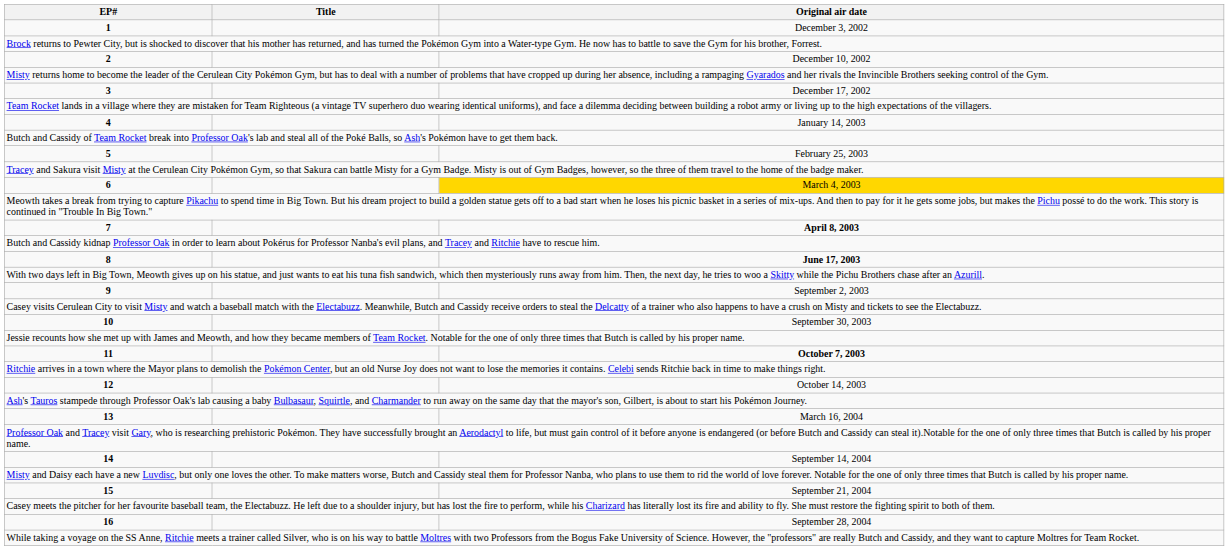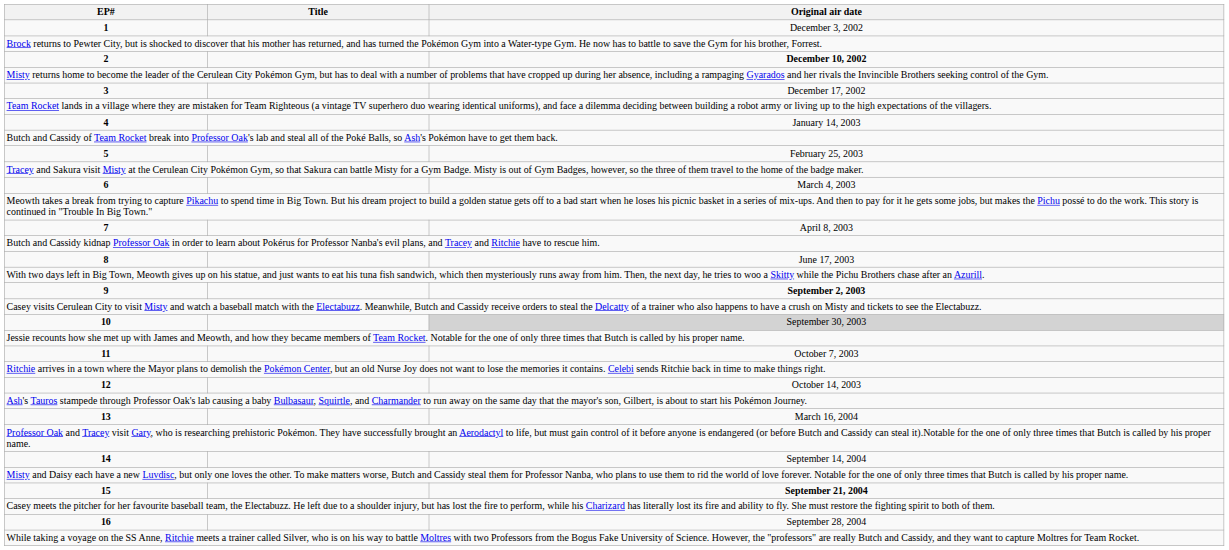 <table class="wikitable">
 <tr>
 <th>EP#</th>
 <th>Title</th>
 <th>Original air date</th>
 </tr>
 <tr>
 <td style="text-align:center;"><strong>1</strong></td>
 <td></td>
 <td style="text-align:center;">December 3, 2002</td>
 </tr>
 <tr>
 <td colspan="3"><a href='#'>Brock</a> returns to Pewter City, but is shocked to discover that his mother has returned, and has turned the Pokémon Gym into a Water-type Gym. He now has to battle to save the Gym for his brother, Forrest.</td>
 </tr>
 <tr>
 <td style="text-align:center;"><strong>2</strong></td>
 <td></td>
-<td style="text-align:center;">December 10, 2002</td>
+<td style="text-align:center;"><strong>December 10, 2002</strong></td>
 </tr>
 <tr>
 <td colspan="4"><a href='#'>Misty</a> returns home to become the leader of the Cerulean City Pokémon Gym, but has to deal with a number of problems that have cropped up during her absence, including a rampaging <a href='#'>Gyarados</a> and her rivals the Invincible Brothers seeking control of the Gym.</td>
 </tr>
 <tr>
 <td style="text-align:center;"><strong>3</strong></td>
 <td></td>
 <td style="text-align:center;">December 17, 2002</td>
 </tr>
 <tr>
 <td colspan="4"><a href='#'>Team Rocket</a> lands in a village where they are mistaken for Team Righteous (a vintage TV superhero duo wearing identical uniforms), and face a dilemma deciding between building a robot army or living up to the high expectations of the villagers.</td>
 </tr>
 <tr>
 <td style="text-align:center;"><strong>4</strong></td>
 <td></td>
 <td style="text-align:center;">January 14, 2003</td>
 </tr>
 <tr>
 <td colspan="4">Butch and Cassidy of <a href='#'>Team Rocket</a> break into <a href='#'>Professor Oak</a>'s lab and steal all of the Poké Balls, so <a href='#'>Ash</a>'s Pokémon have to get them back.</td>
 </tr>
 <tr>
 <td style="text-align:center;"><strong>5</strong></td>
 <td></td>
 <td style="text-align:center;">February 25, 2003</td>
 </tr>
 <tr>
 <td colspan="3"><a href='#'>Tracey</a> and Sakura visit <a href='#'>Misty</a> at the Cerulean City Pokémon Gym, so that Sakura can battle Misty for a Gym Badge. Misty is out of Gym Badges, however, so the three of them travel to the home of the badge maker.</td>
 </tr>
 <tr>
 <td style="text-align:center;"><strong>6</strong></td>
 <td></td>
-<td style="background: gold; text-align:center;">March 4, 2003</td>
+<td style="text-align:center;">March 4, 2003</td>
 </tr>
 <tr>
 <td colspan="3">Meowth takes a break from trying to capture <a href='#'>Pikachu</a> to spend time in Big Town. But his dream project to build a golden statue gets off to a bad start when he loses his picnic basket in a series of mix-ups. And then to pay for it he gets some jobs, but makes the <a href='#'>Pichu</a> possé to do the work. This story is continued in "Trouble In Big Town."</td>
 </tr>
 <tr>
 <td style="text-align:center;"><strong>7</strong></td>
 <td></td>
-<td style="text-align:center;"><strong>April 8, 2003</strong></td>
+<td style="text-align:center;">April 8, 2003</td>
 </tr>
 <tr>
 <td colspan="3">Butch and Cassidy kidnap <a href='#'>Professor Oak</a> in order to learn about Pokérus for Professor Nanba's evil plans, and <a href='#'>Tracey</a> and <a href='#'>Ritchie</a> have to rescue him.</td>
 </tr>
 <tr>
 <td style="text-align:center;"><strong>8</strong></td>
 <td></td>
-<td style="text-align:center;"><strong>June 17, 2003</strong></td>
+<td style="text-align:center;">June 17, 2003</td>
 </tr>
 <tr>
 <td colspan="3">With two days left in Big Town, Meowth gives up on his statue, and just wants to eat his tuna fish sandwich, which then mysteriously runs away from him. Then, the next day, he tries to woo a <a href='#'>Skitty</a> while the Pichu Brothers chase after an <a href='#'>Azurill</a>.</td>
 </tr>
 <tr>
 <td style="text-align:center;"><strong>9</strong></td>
 <td></td>
-<td style="text-align:center;">September 2, 2003</td>
+<td style="text-align:center;"><strong>September 2, 2003</strong></td>
 </tr>
 <tr>
 <td colspan="3">Casey visits Cerulean City to visit <a href='#'>Misty</a> and watch a baseball match with the <a href='#'>Electabuzz</a>. Meanwhile, Butch and Cassidy receive orders to steal the <a href='#'>Delcatty</a> of a trainer who also happens to have a crush on Misty and tickets to see the Electabuzz.</td>
 </tr>
 <tr>
 <td style="text-align:center;"><strong>10</strong></td>
 <td></td>
-<td style="text-align:center;">September 30, 2003</td>
+<td style="background: lightgrey; text-align:center;">September 30, 2003</td>
 </tr>
 <tr>
 <td colspan="3">Jessie recounts how she met up with James and Meowth, and how they became members of <a href='#'>Team Rocket</a>. Notable for the one of only three times that Butch is called by his proper name.</td>
 </tr>
 <tr>
 <td style="text-align:center;"><strong>11</strong></td>
 <td></td>
-<td style="text-align:center;"><strong>October 7, 2003</strong></td>
+<td style="text-align:center;">October 7, 2003</td>
 </tr>
 <tr>
 <td colspan="3"><a href='#'>Ritchie</a> arrives in a town where the Mayor plans to demolish the <a href='#'>Pokémon Center</a>, but an old Nurse Joy does not want to lose the memories it contains. <a href='#'>Celebi</a> sends Ritchie back in time to make things right.</td>
 </tr>
 <tr>
 <td style="text-align:center;"><strong>12</strong></td>
 <td></td>
 <td style="text-align:center;">October 14, 2003</td>
 </tr>
 <tr>
 <td colspan="3"><a href='#'>Ash</a>'s <a href='#'>Tauros</a> stampede through Professor Oak's lab causing a baby <a href='#'>Bulbasaur</a>, <a href='#'>Squirtle</a>, and <a href='#'>Charmander</a> to run away on the same day that the mayor's son, Gilbert, is about to start his Pokémon Journey.</td>
 </tr>
 <tr>
 <td style="text-align:center;"><strong>13</strong></td>
 <td></td>
 <td style="text-align:center;">March 16, 2004</td>
 </tr>
 <tr>
 <td colspan="3"><a href='#'>Professor Oak</a> and <a href='#'>Tracey</a> visit <a href='#'>Gary</a>, who is researching prehistoric Pokémon. They have successfully brought an <a href='#'>Aerodactyl</a> to life, but must gain control of it before anyone is endangered (or before Butch and Cassidy can steal it).Notable for the one of only  three times that Butch is called by his proper name.</td>
 </tr>
 <tr>
 <td style="text-align:center;"><strong>14</strong></td>
 <td></td>
 <td style="text-align:center;">September 14, 2004</td>
 </tr>
 <tr>
 <td colspan="4"><a href='#'>Misty</a> and Daisy each have a new <a href='#'>Luvdisc</a>, but only one loves the other. To make matters worse, Butch and Cassidy steal them for Professor Nanba, who plans to use them to rid the world of love forever. Notable for the one of only three times that Butch is called by his proper name.</td>
 </tr>
 <tr>
 <td style="text-align:center;"><strong>15</strong></td>
 <td></td>
-<td style="text-align:center;">September 21, 2004</td>
+<td style="text-align:center;"><strong>September 21, 2004</strong></td>
 </tr>
 <tr>
 <td colspan="4">Casey meets the pitcher for her favourite baseball team, the Electabuzz. He left due to a shoulder injury, but has lost the fire to perform, while his <a href='#'>Charizard</a> has literally lost its fire and ability to fly. She must restore the fighting spirit to both of them.</td>
 </tr>
 <tr>
 <td style="text-align:center;"><strong>16</strong></td>
 <td></td>
 <td style="text-align:center;">September 28, 2004</td>
 </tr>
 <tr>
 <td colspan="4">While taking a voyage on the SS Anne, <a href='#'>Ritchie</a> meets a trainer called Silver, who is on his way to battle <a href='#'>Moltres</a> with two Professors from the Bogus Fake University of Science. However, the "professors" are really Butch and Cassidy, and they want to capture Moltres for Team Rocket.</td>
 </tr>
 </table>
